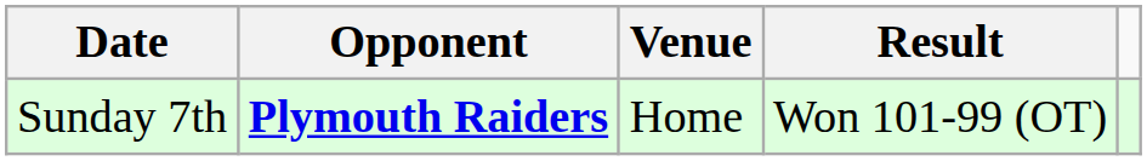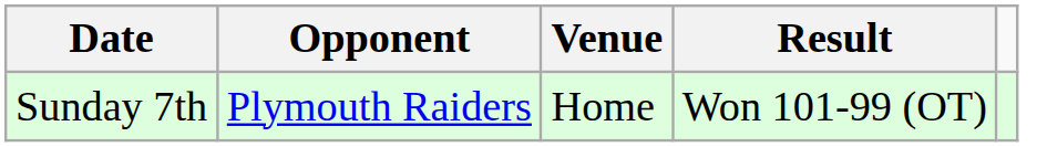 <table class="wikitable">
 <tr>
 <th>Date</th>
 <th>Opponent</th>
 <th>Venue</th>
 <th>Result</th>
 </tr>
 <tr style="background: #ddffdd;">
 <td>Sunday 7th</td>
-<td><strong><a href='#'>Plymouth Raiders</a></strong></td>
+<td><a href='#'>Plymouth Raiders</a></td>
 <td>Home</td>
 <td>Won 101-99 (OT)</td>
 <td style="text-align:center;"></td>
 </tr>
 </table>
